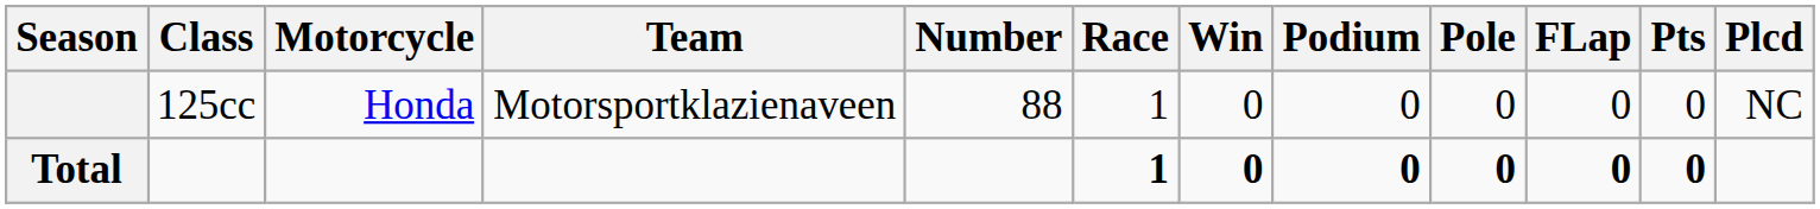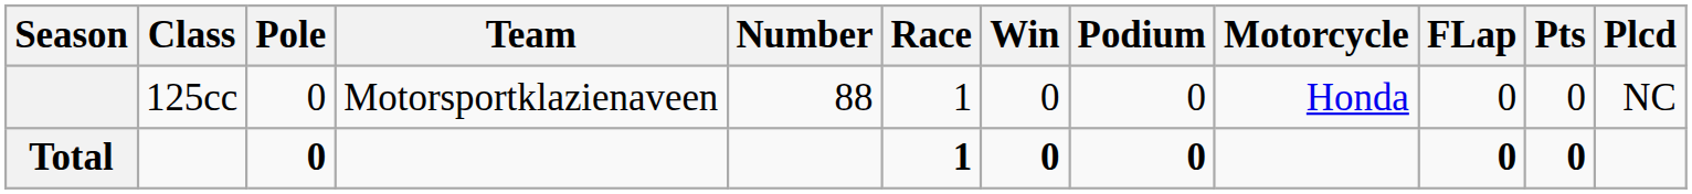 <table class="wikitable">
 <tr>
 <th>Season</th>
 <th>Class</th>
-<th>Motorcycle</th>
+<th>Pole</th>
 <th>Team</th>
 <th>Number</th>
 <th>Race</th>
 <th>Win</th>
 <th>Podium</th>
-<th>Pole</th>
+<th>Motorcycle</th>
 <th>FLap</th>
 <th>Pts</th>
 <th>Plcd</th>
 </tr>
 <tr align="right">
 <th></th>
 <td>125cc</td>
-<td><a href='#'>Honda</a></td>
+<td>0</td>
 <td>Motorsportklazienaveen</td>
 <td>88</td>
 <td>1</td>
 <td>0</td>
 <td>0</td>
-<td>0</td>
+<td><a href='#'>Honda</a></td>
 <td>0</td>
 <td>0</td>
 <td>NC</td>
 </tr>
 <tr align="right">
 <th>Total</th>
 <td></td>
-<td></td>
+<td><strong>0</strong></td>
 <td></td>
 <td></td>
 <td><strong>1</strong></td>
 <td><strong>0</strong></td>
 <td><strong>0</strong></td>
-<td><strong>0</strong></td>
+<td></td>
 <td><strong>0</strong></td>
 <td><strong>0</strong></td>
 <td></td>
 </tr>
 </table>
